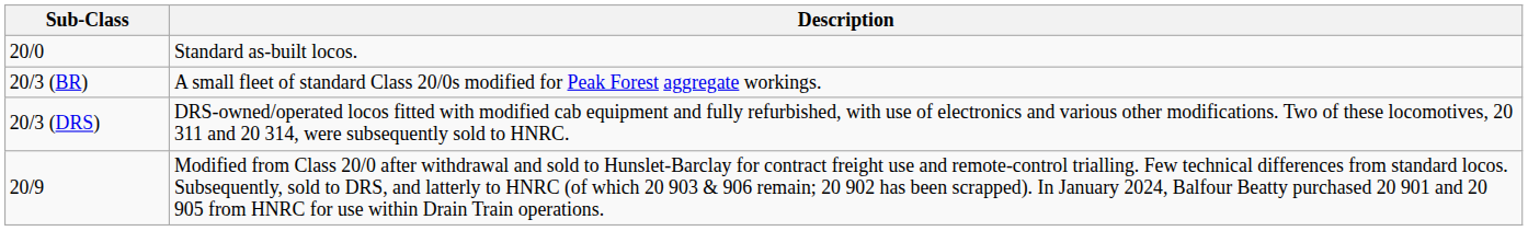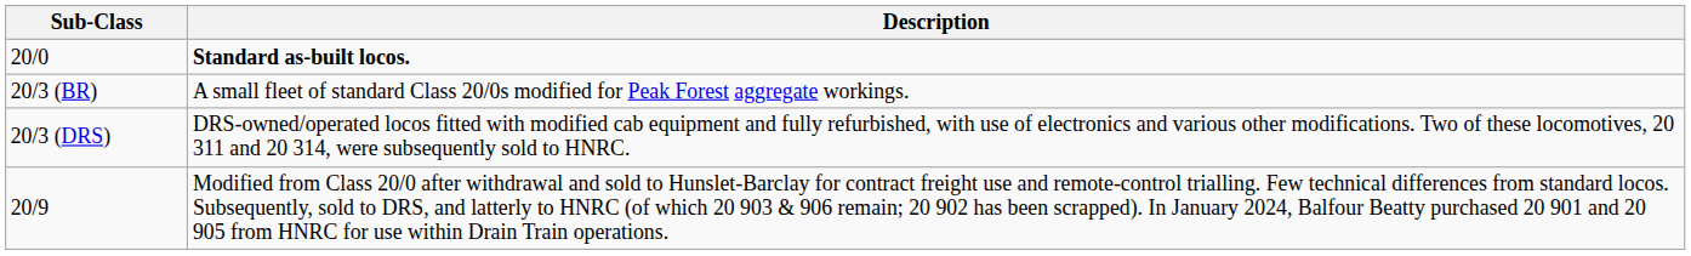 <table class="wikitable">
 <tr>
 <th style="width: 8em;">Sub-Class</th>
 <th>Description</th>
 </tr>
 <tr>
 <td>20/0</td>
-<td>Standard as-built locos.</td>
+<td><strong>Standard as-built locos.</strong></td>
 </tr>
 <tr>
 <td>20/3 (<a href='#'>BR</a>)</td>
 <td>A small fleet of standard Class 20/0s modified for <a href='#'>Peak Forest</a> <a href='#'>aggregate</a> workings.</td>
 </tr>
 <tr>
 <td>20/3 (<a href='#'>DRS</a>)</td>
 <td>DRS-owned/operated locos fitted with modified cab equipment and fully refurbished, with use of electronics and various other modifications. Two of these locomotives, 20 311 and 20 314, were subsequently sold to HNRC.</td>
 </tr>
 <tr>
 <td>20/9</td>
 <td>Modified from Class 20/0 after withdrawal and sold to Hunslet-Barclay for contract freight use and remote-control trialling. Few technical differences from standard locos. Subsequently, sold to DRS, and latterly to HNRC (of which 20 903 & 906 remain; 20 902 has been scrapped). In January 2024, Balfour Beatty purchased 20 901 and 20 905 from HNRC for use within Drain Train operations.</td>
 </tr>
 </table>
